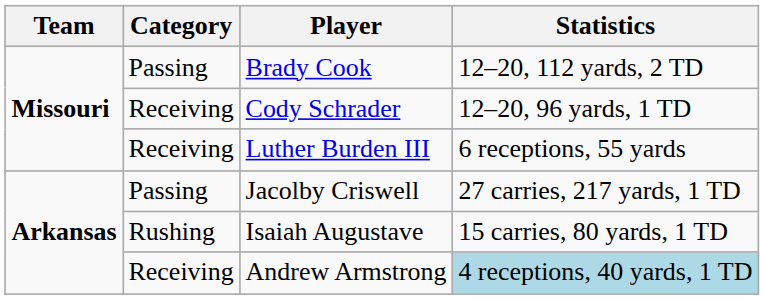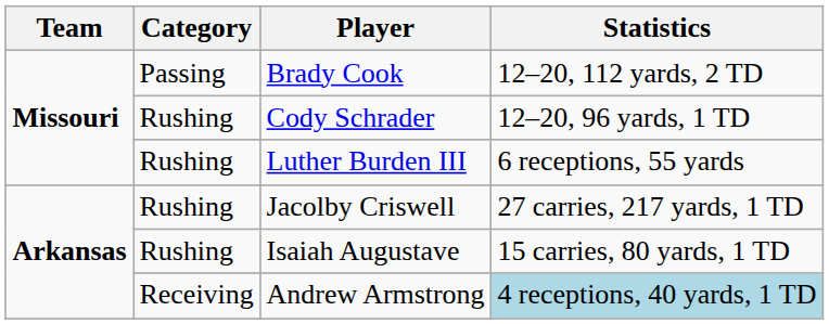 <table class="wikitable" style="float: right;">
 <tr>
 <th>Team</th>
 <th>Category</th>
 <th>Player</th>
 <th>Statistics</th>
 </tr>
 <tr>
 <td rowspan=3><strong>Missouri</strong></td>
 <td>Passing</td>
 <td><a href='#'>Brady Cook</a></td>
 <td>12–20, 112 yards, 2 TD</td>
 </tr>
 <tr>
-<td>Receiving</td>
+<td>Rushing</td>
 <td><a href='#'>Cody Schrader</a></td>
 <td>12–20, 96 yards, 1 TD</td>
 </tr>
 <tr>
-<td>Receiving</td>
+<td>Rushing</td>
 <td><a href='#'>Luther Burden III</a></td>
 <td>6 receptions, 55 yards</td>
 </tr>
 <tr>
 <td rowspan=3><strong>Arkansas</strong></td>
-<td>Passing</td>
+<td>Rushing</td>
 <td>Jacolby Criswell</td>
 <td>27 carries, 217 yards, 1 TD</td>
 </tr>
 <tr>
 <td>Rushing</td>
 <td>Isaiah Augustave</td>
 <td>15 carries, 80 yards, 1 TD</td>
 </tr>
 <tr>
 <td>Receiving</td>
 <td>Andrew Armstrong</td>
 <td style="background: lightblue;">4 receptions, 40 yards, 1 TD</td>
 </tr>
 </table>
